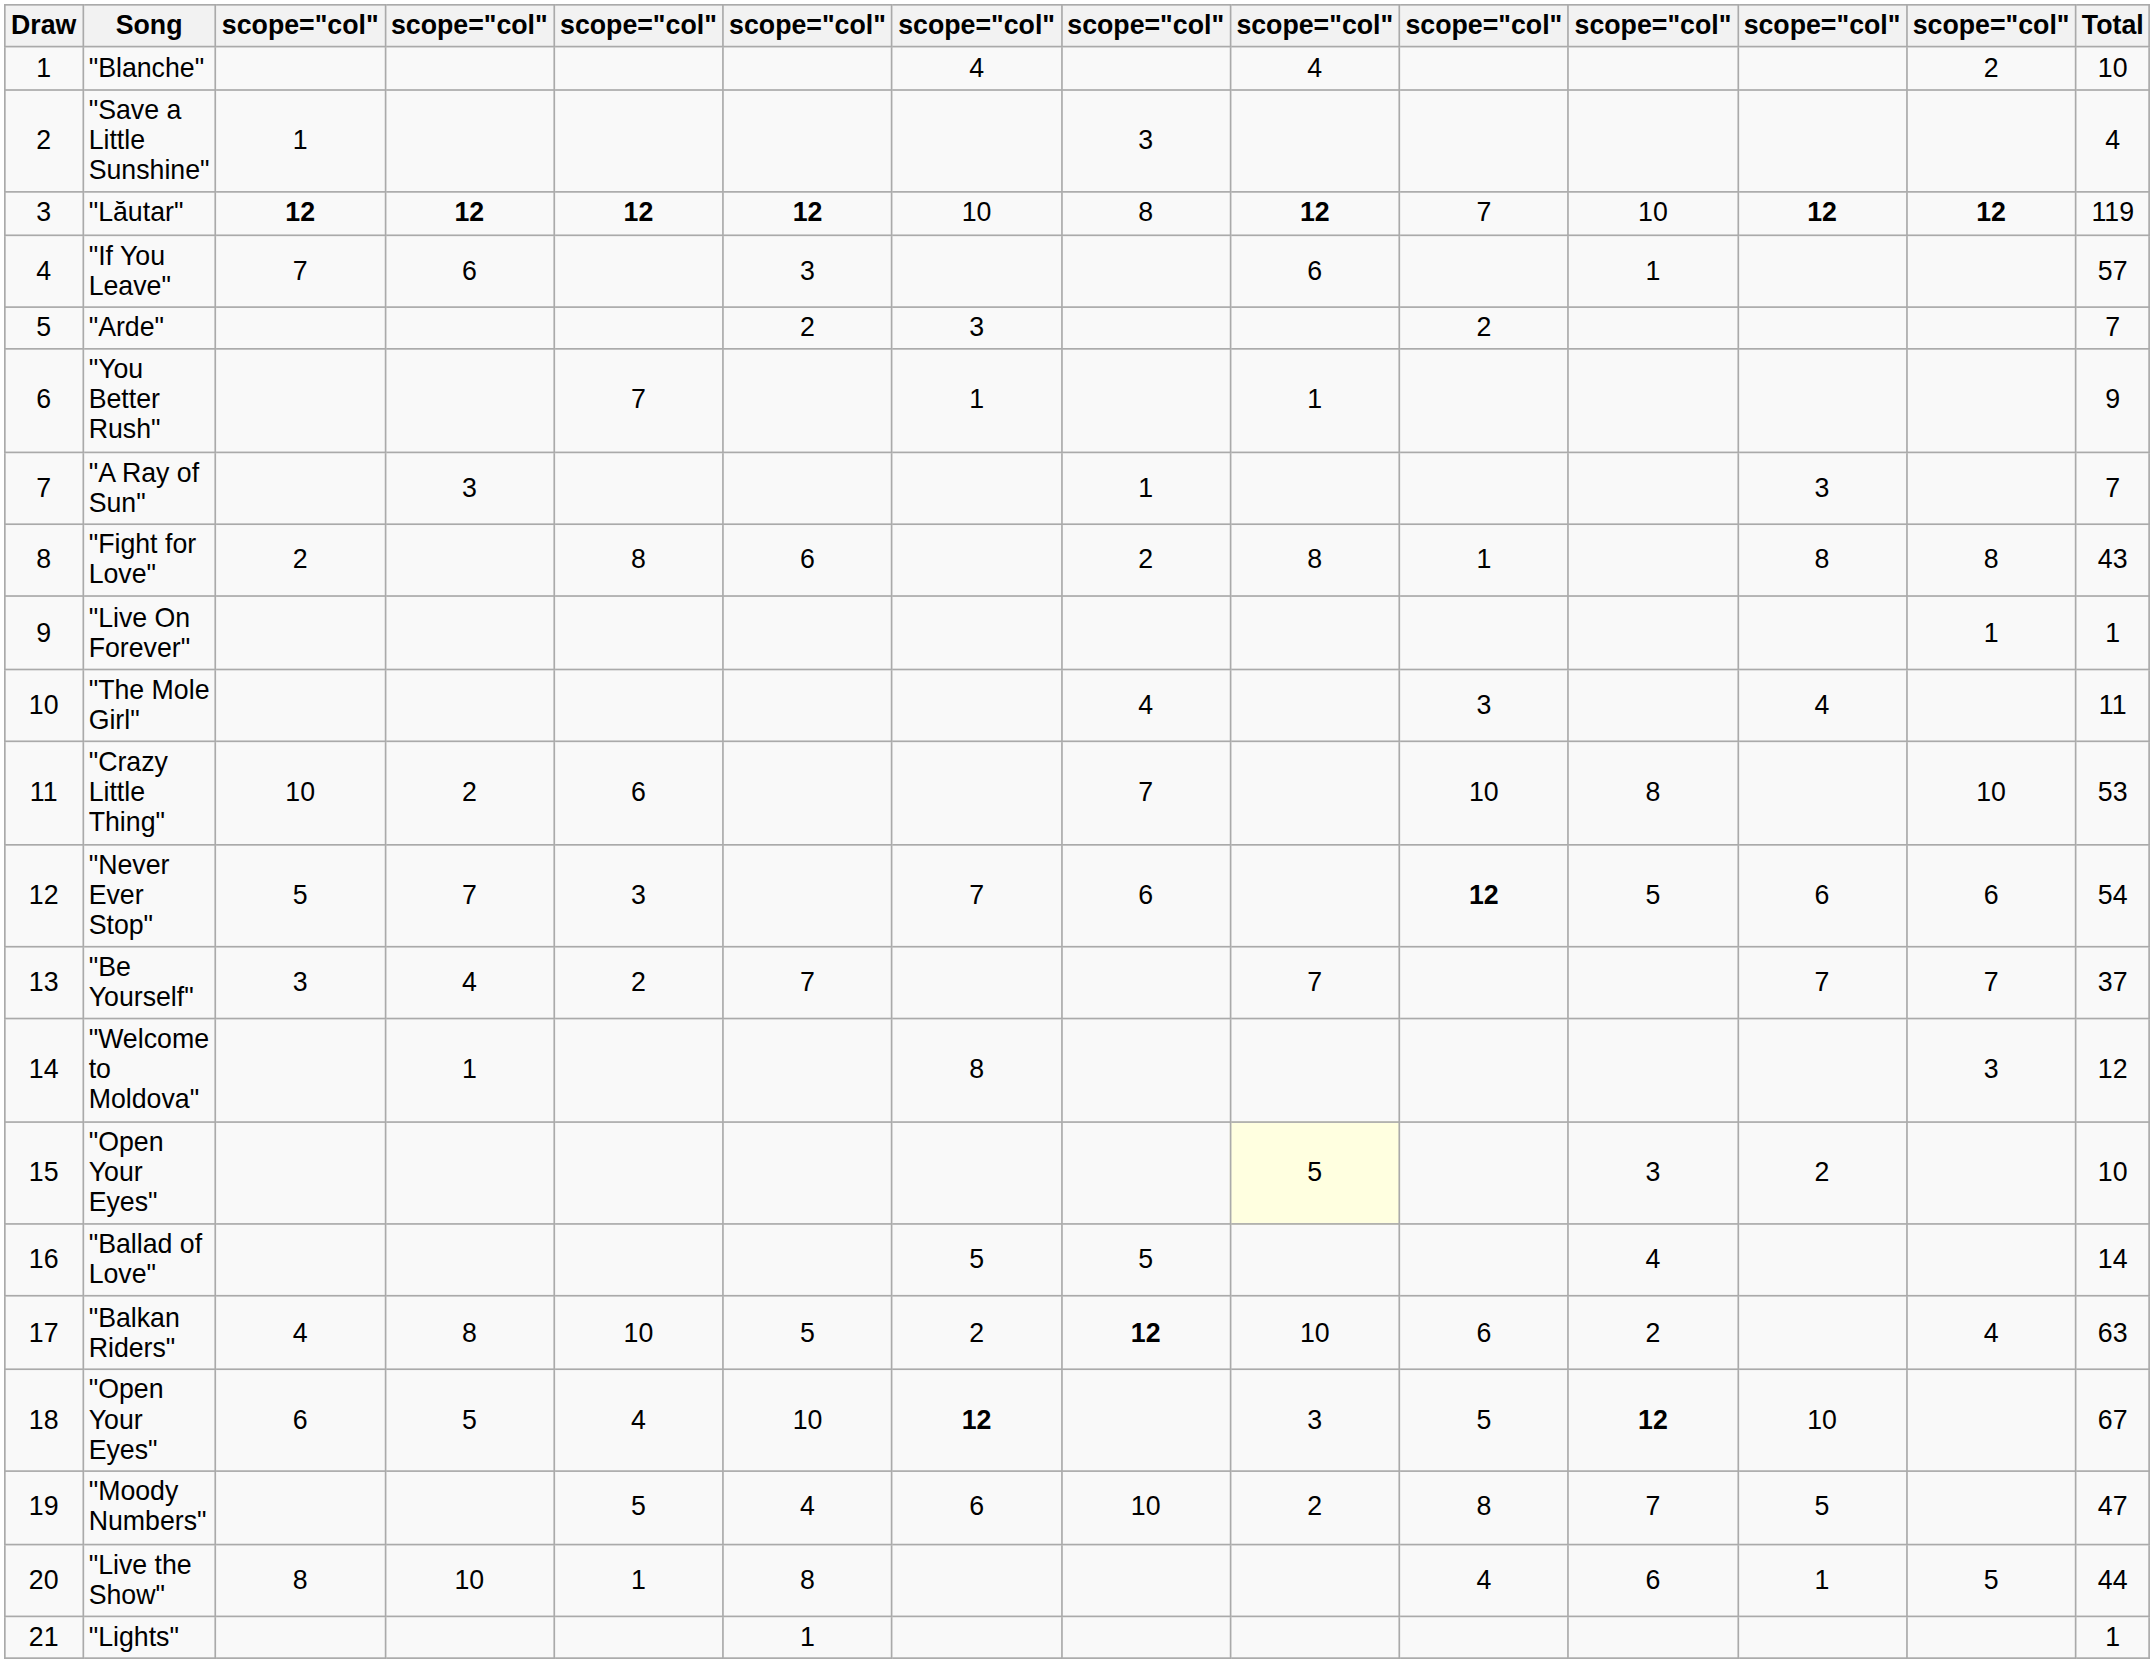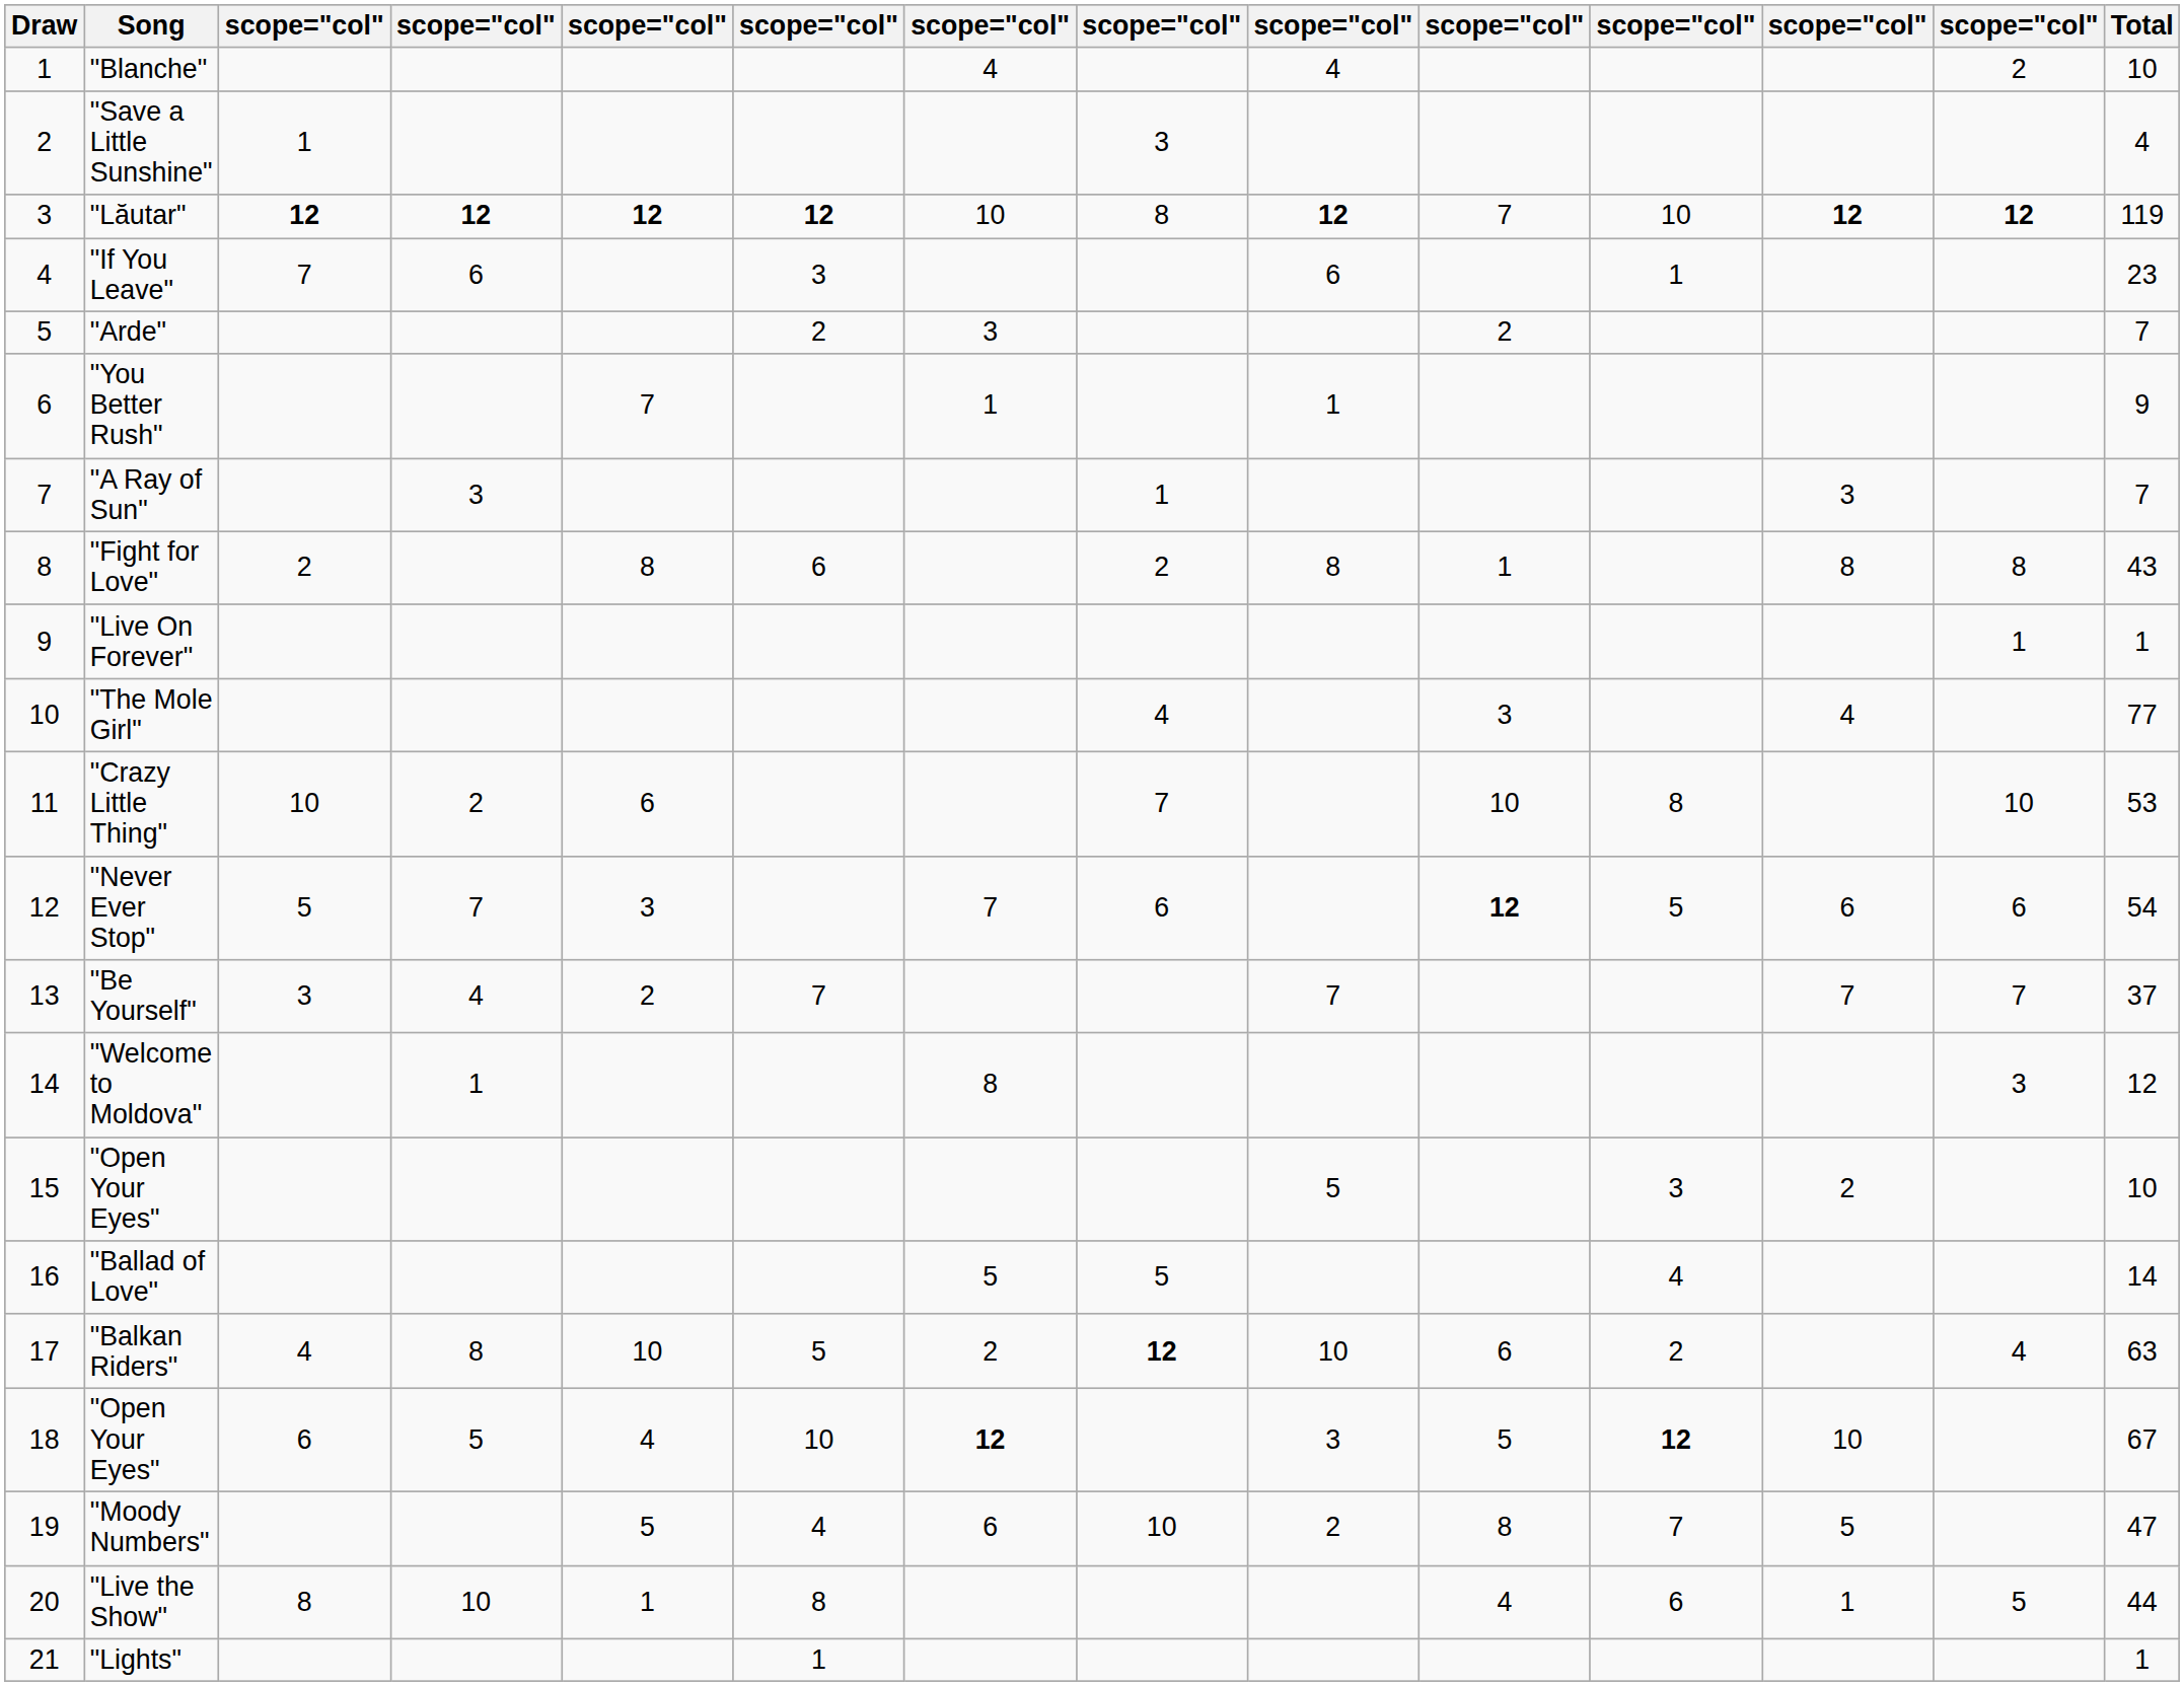 <table class="wikitable collapsible" style="margin: 1em auto 1em auto; text-align:center;">
 <tr>
 <th>Draw</th>
 <th>Song</th>
 <th>scope="col" </th>
 <th>scope="col" </th>
 <th>scope="col" </th>
 <th>scope="col" </th>
 <th>scope="col" </th>
 <th>scope="col" </th>
 <th>scope="col" </th>
 <th>scope="col" </th>
 <th>scope="col" </th>
 <th>scope="col" </th>
 <th>scope="col" </th>
 <th>Total</th>
 </tr>
 <tr>
 <td>1</td>
 <td align="left">"Blanche"</td>
 <td></td>
 <td></td>
 <td></td>
 <td></td>
 <td>4</td>
 <td></td>
 <td>4</td>
 <td></td>
 <td></td>
 <td></td>
 <td>2</td>
 <td>10</td>
 </tr>
 <tr>
 <td>2</td>
 <td align="left">"Save a Little Sunshine"</td>
 <td>1</td>
 <td></td>
 <td></td>
 <td></td>
 <td></td>
 <td>3</td>
 <td></td>
 <td></td>
 <td></td>
 <td></td>
 <td></td>
 <td>4</td>
 </tr>
 <tr>
 <td>3</td>
 <td align="left">"Lăutar"</td>
 <td><strong>12</strong></td>
 <td><strong>12</strong></td>
 <td><strong>12</strong></td>
 <td><strong>12</strong></td>
 <td>10</td>
 <td>8</td>
 <td><strong>12</strong></td>
 <td>7</td>
 <td>10</td>
 <td><strong>12</strong></td>
 <td><strong>12</strong></td>
 <td>119</td>
 </tr>
 <tr>
 <td>4</td>
 <td align="left">"If You Leave"</td>
 <td>7</td>
 <td>6</td>
 <td></td>
 <td>3</td>
 <td></td>
 <td></td>
 <td>6</td>
 <td></td>
 <td>1</td>
 <td></td>
 <td></td>
-<td>57</td>
+<td>23</td>
 </tr>
 <tr>
 <td>5</td>
 <td align="left">"Arde"</td>
 <td></td>
 <td></td>
 <td></td>
 <td>2</td>
 <td>3</td>
 <td></td>
 <td></td>
 <td>2</td>
 <td></td>
 <td></td>
 <td></td>
 <td>7</td>
 </tr>
 <tr>
 <td>6</td>
 <td align="left">"You Better Rush"</td>
 <td></td>
 <td></td>
 <td>7</td>
 <td></td>
 <td>1</td>
 <td></td>
 <td>1</td>
 <td></td>
 <td></td>
 <td></td>
 <td></td>
 <td>9</td>
 </tr>
 <tr>
 <td>7</td>
 <td align="left">"A Ray of Sun"</td>
 <td></td>
 <td>3</td>
 <td></td>
 <td></td>
 <td></td>
 <td>1</td>
 <td></td>
 <td></td>
 <td></td>
 <td>3</td>
 <td></td>
 <td>7</td>
 </tr>
 <tr>
 <td>8</td>
 <td align="left">"Fight for Love"</td>
 <td>2</td>
 <td></td>
 <td>8</td>
 <td>6</td>
 <td></td>
 <td>2</td>
 <td>8</td>
 <td>1</td>
 <td></td>
 <td>8</td>
 <td>8</td>
 <td>43</td>
 </tr>
 <tr>
 <td>9</td>
 <td align="left">"Live On Forever"</td>
 <td></td>
 <td></td>
 <td></td>
 <td></td>
 <td></td>
 <td></td>
 <td></td>
 <td></td>
 <td></td>
 <td></td>
 <td>1</td>
 <td>1</td>
 </tr>
 <tr>
 <td>10</td>
 <td align="left">"The Mole Girl"</td>
 <td></td>
 <td></td>
 <td></td>
 <td></td>
 <td></td>
 <td>4</td>
 <td></td>
 <td>3</td>
 <td></td>
 <td>4</td>
 <td></td>
-<td>11</td>
+<td>77</td>
 </tr>
 <tr>
 <td>11</td>
 <td align="left">"Crazy Little Thing"</td>
 <td>10</td>
 <td>2</td>
 <td>6</td>
 <td></td>
 <td></td>
 <td>7</td>
 <td></td>
 <td>10</td>
 <td>8</td>
 <td></td>
 <td>10</td>
 <td>53</td>
 </tr>
 <tr>
 <td>12</td>
 <td align="left">"Never Ever Stop"</td>
 <td>5</td>
 <td>7</td>
 <td>3</td>
 <td></td>
 <td>7</td>
 <td>6</td>
 <td></td>
 <td><strong>12</strong></td>
 <td>5</td>
 <td>6</td>
 <td>6</td>
 <td>54</td>
 </tr>
 <tr>
 <td>13</td>
 <td align="left">"Be Yourself"</td>
 <td>3</td>
 <td>4</td>
 <td>2</td>
 <td>7</td>
 <td></td>
 <td></td>
 <td>7</td>
 <td></td>
 <td></td>
 <td>7</td>
 <td>7</td>
 <td>37</td>
 </tr>
 <tr>
 <td>14</td>
 <td align="left">"Welcome to Moldova"</td>
 <td></td>
 <td>1</td>
 <td></td>
 <td></td>
 <td>8</td>
 <td></td>
 <td></td>
 <td></td>
 <td></td>
 <td></td>
 <td>3</td>
 <td>12</td>
 </tr>
 <tr>
 <td>15</td>
 <td align="left">"Open Your Eyes"</td>
 <td></td>
 <td></td>
 <td></td>
 <td></td>
 <td></td>
 <td></td>
-<td style="background: lightyellow;">5</td>
+<td>5</td>
 <td></td>
 <td>3</td>
 <td>2</td>
 <td></td>
 <td>10</td>
 </tr>
 <tr>
 <td>16</td>
 <td align="left">"Ballad of Love"</td>
 <td></td>
 <td></td>
 <td></td>
 <td></td>
 <td>5</td>
 <td>5</td>
 <td></td>
 <td></td>
 <td>4</td>
 <td></td>
 <td></td>
 <td>14</td>
 </tr>
 <tr>
 <td>17</td>
 <td align="left">"Balkan Riders"</td>
 <td>4</td>
 <td>8</td>
 <td>10</td>
 <td>5</td>
 <td>2</td>
 <td><strong>12</strong></td>
 <td>10</td>
 <td>6</td>
 <td>2</td>
 <td></td>
 <td>4</td>
 <td>63</td>
 </tr>
 <tr>
 <td>18</td>
 <td align="left">"Open Your Eyes"</td>
 <td>6</td>
 <td>5</td>
 <td>4</td>
 <td>10</td>
 <td><strong>12</strong></td>
 <td></td>
 <td>3</td>
 <td>5</td>
 <td><strong>12</strong></td>
 <td>10</td>
 <td></td>
 <td>67</td>
 </tr>
 <tr>
 <td>19</td>
 <td align="left">"Moody Numbers"</td>
 <td></td>
 <td></td>
 <td>5</td>
 <td>4</td>
 <td>6</td>
 <td>10</td>
 <td>2</td>
 <td>8</td>
 <td>7</td>
 <td>5</td>
 <td></td>
 <td>47</td>
 </tr>
 <tr>
 <td>20</td>
 <td align="left">"Live the Show"</td>
 <td>8</td>
 <td>10</td>
 <td>1</td>
 <td>8</td>
 <td></td>
 <td></td>
 <td></td>
 <td>4</td>
 <td>6</td>
 <td>1</td>
 <td>5</td>
 <td>44</td>
 </tr>
 <tr>
 <td>21</td>
 <td align="left">"Lights"</td>
 <td></td>
 <td></td>
 <td></td>
 <td>1</td>
 <td></td>
 <td></td>
 <td></td>
 <td></td>
 <td></td>
 <td></td>
 <td></td>
 <td>1</td>
 </tr>
 </table>
